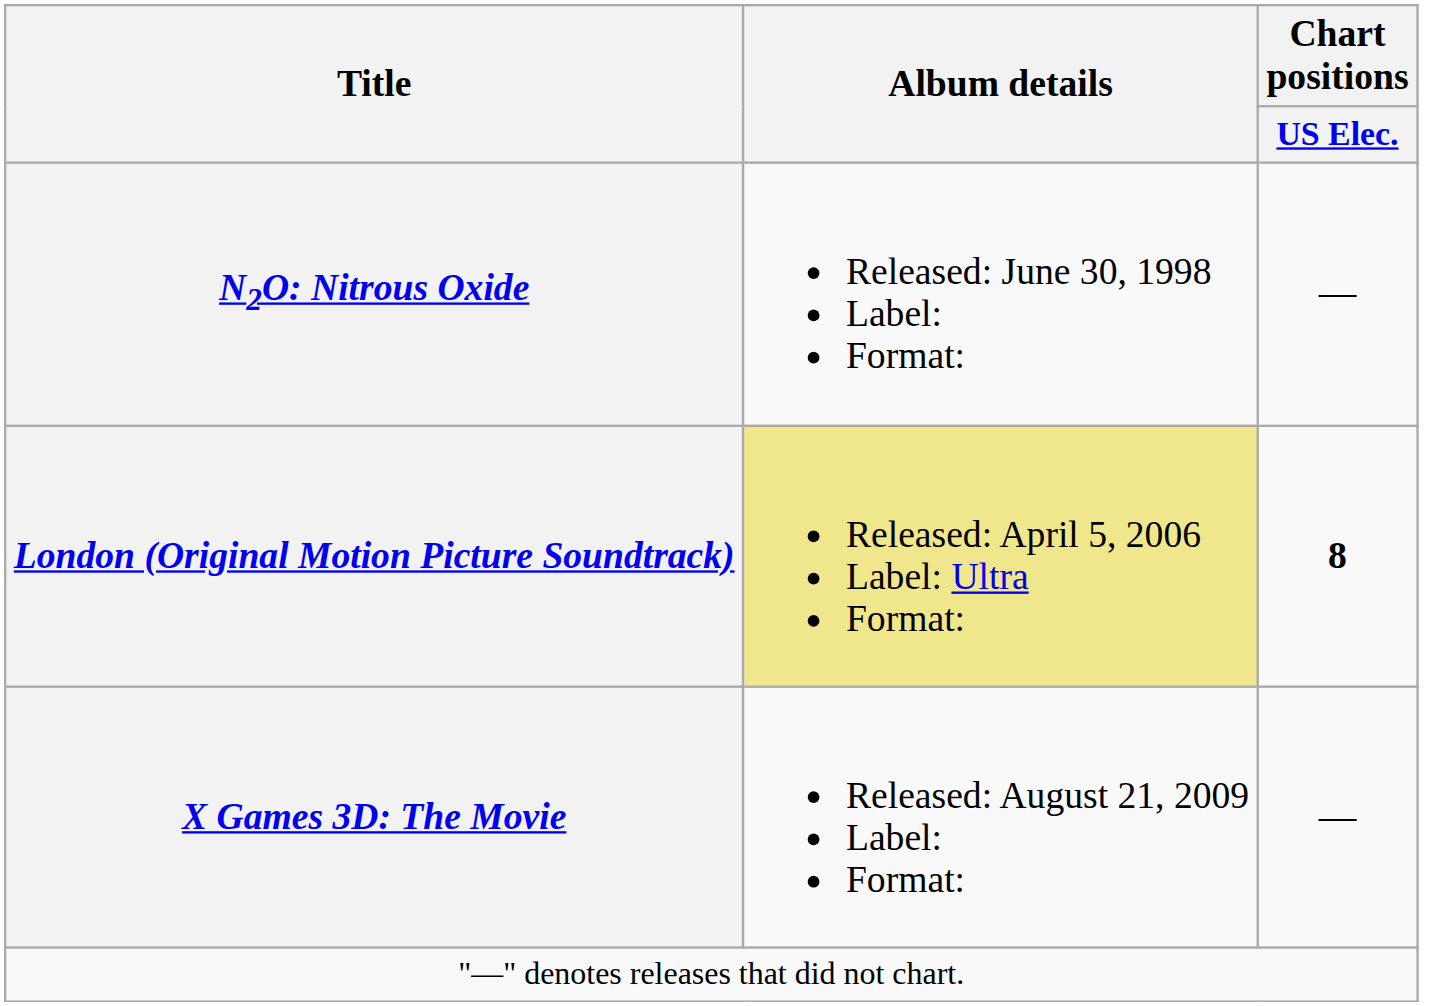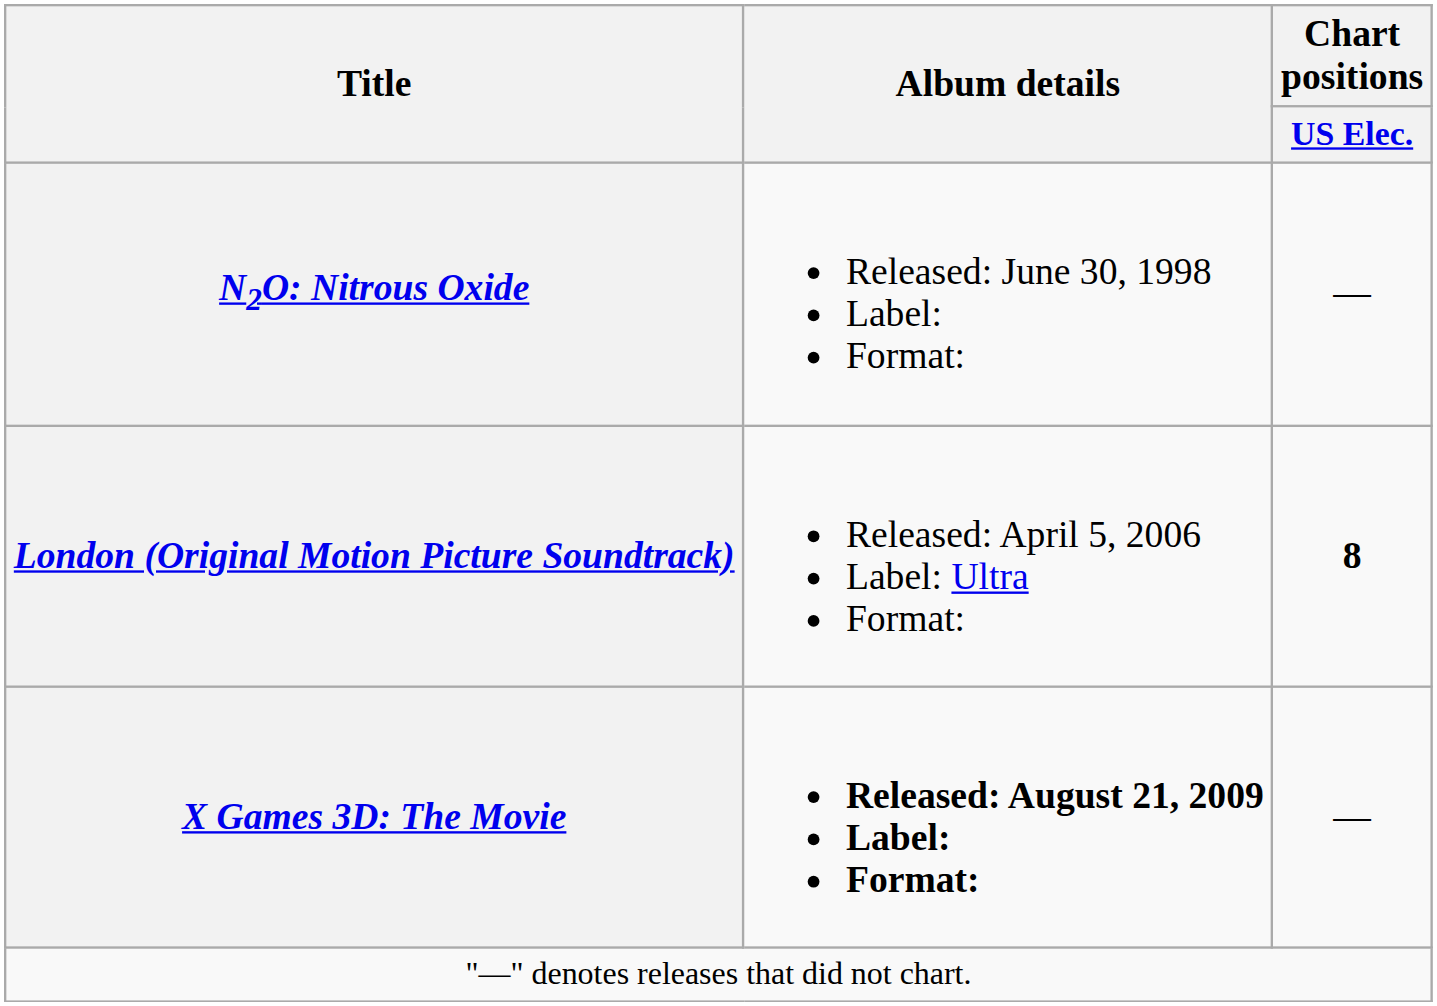 <table class="wikitable plainrowheaders">
 <tr>
 <th scope="col" rowspan="2">Title</th>
 <th scope="col" rowspan="2">Album details</th>
 <th scope="col">Chart positions</th>
 </tr>
 <tr>
 <th style="width:3em;font-size:90%;"><a href='#'>US Elec.</a><br></th>
 </tr>
 <tr>
 <th scope="row"><em><a href='#'>N<sub>2</sub>O: Nitrous Oxide</a></em></th>
 <td><br><ul><li>Released: June 30, 1998</li><li>Label:</li><li>Format:</li></ul></td>
 <td style="text-align:center;">—</td>
 </tr>
 <tr>
 <th scope="row"><em><a href='#'>London (Original Motion Picture Soundtrack)</a></em></th>
-<td style="background: khaki;"><br><ul><li>Released: April 5, 2006</li><li>Label: <a href='#'>Ultra</a></li><li>Format:</li></ul></td>
+<td><br><ul><li>Released: April 5, 2006</li><li>Label: <a href='#'>Ultra</a></li><li>Format:</li></ul></td>
 <td style="text-align:center;"><strong>8</strong></td>
 </tr>
 <tr>
 <th scope="row"><em><a href='#'>X Games 3D: The Movie</a></em></th>
-<td><br><ul><li>Released: August 21, 2009</li><li>Label:</li><li>Format:</li></ul></td>
+<td><strong><br><ul><li>Released: August 21, 2009</li><li>Label:</li><li>Format:</li></ul></strong></td>
 <td style="text-align:center;">—</td>
 </tr>
 <tr>
 <td colspan="5" style="text-align:center; font-size:85%;">"—" denotes releases that did not chart.</td>
 </tr>
 </table>
